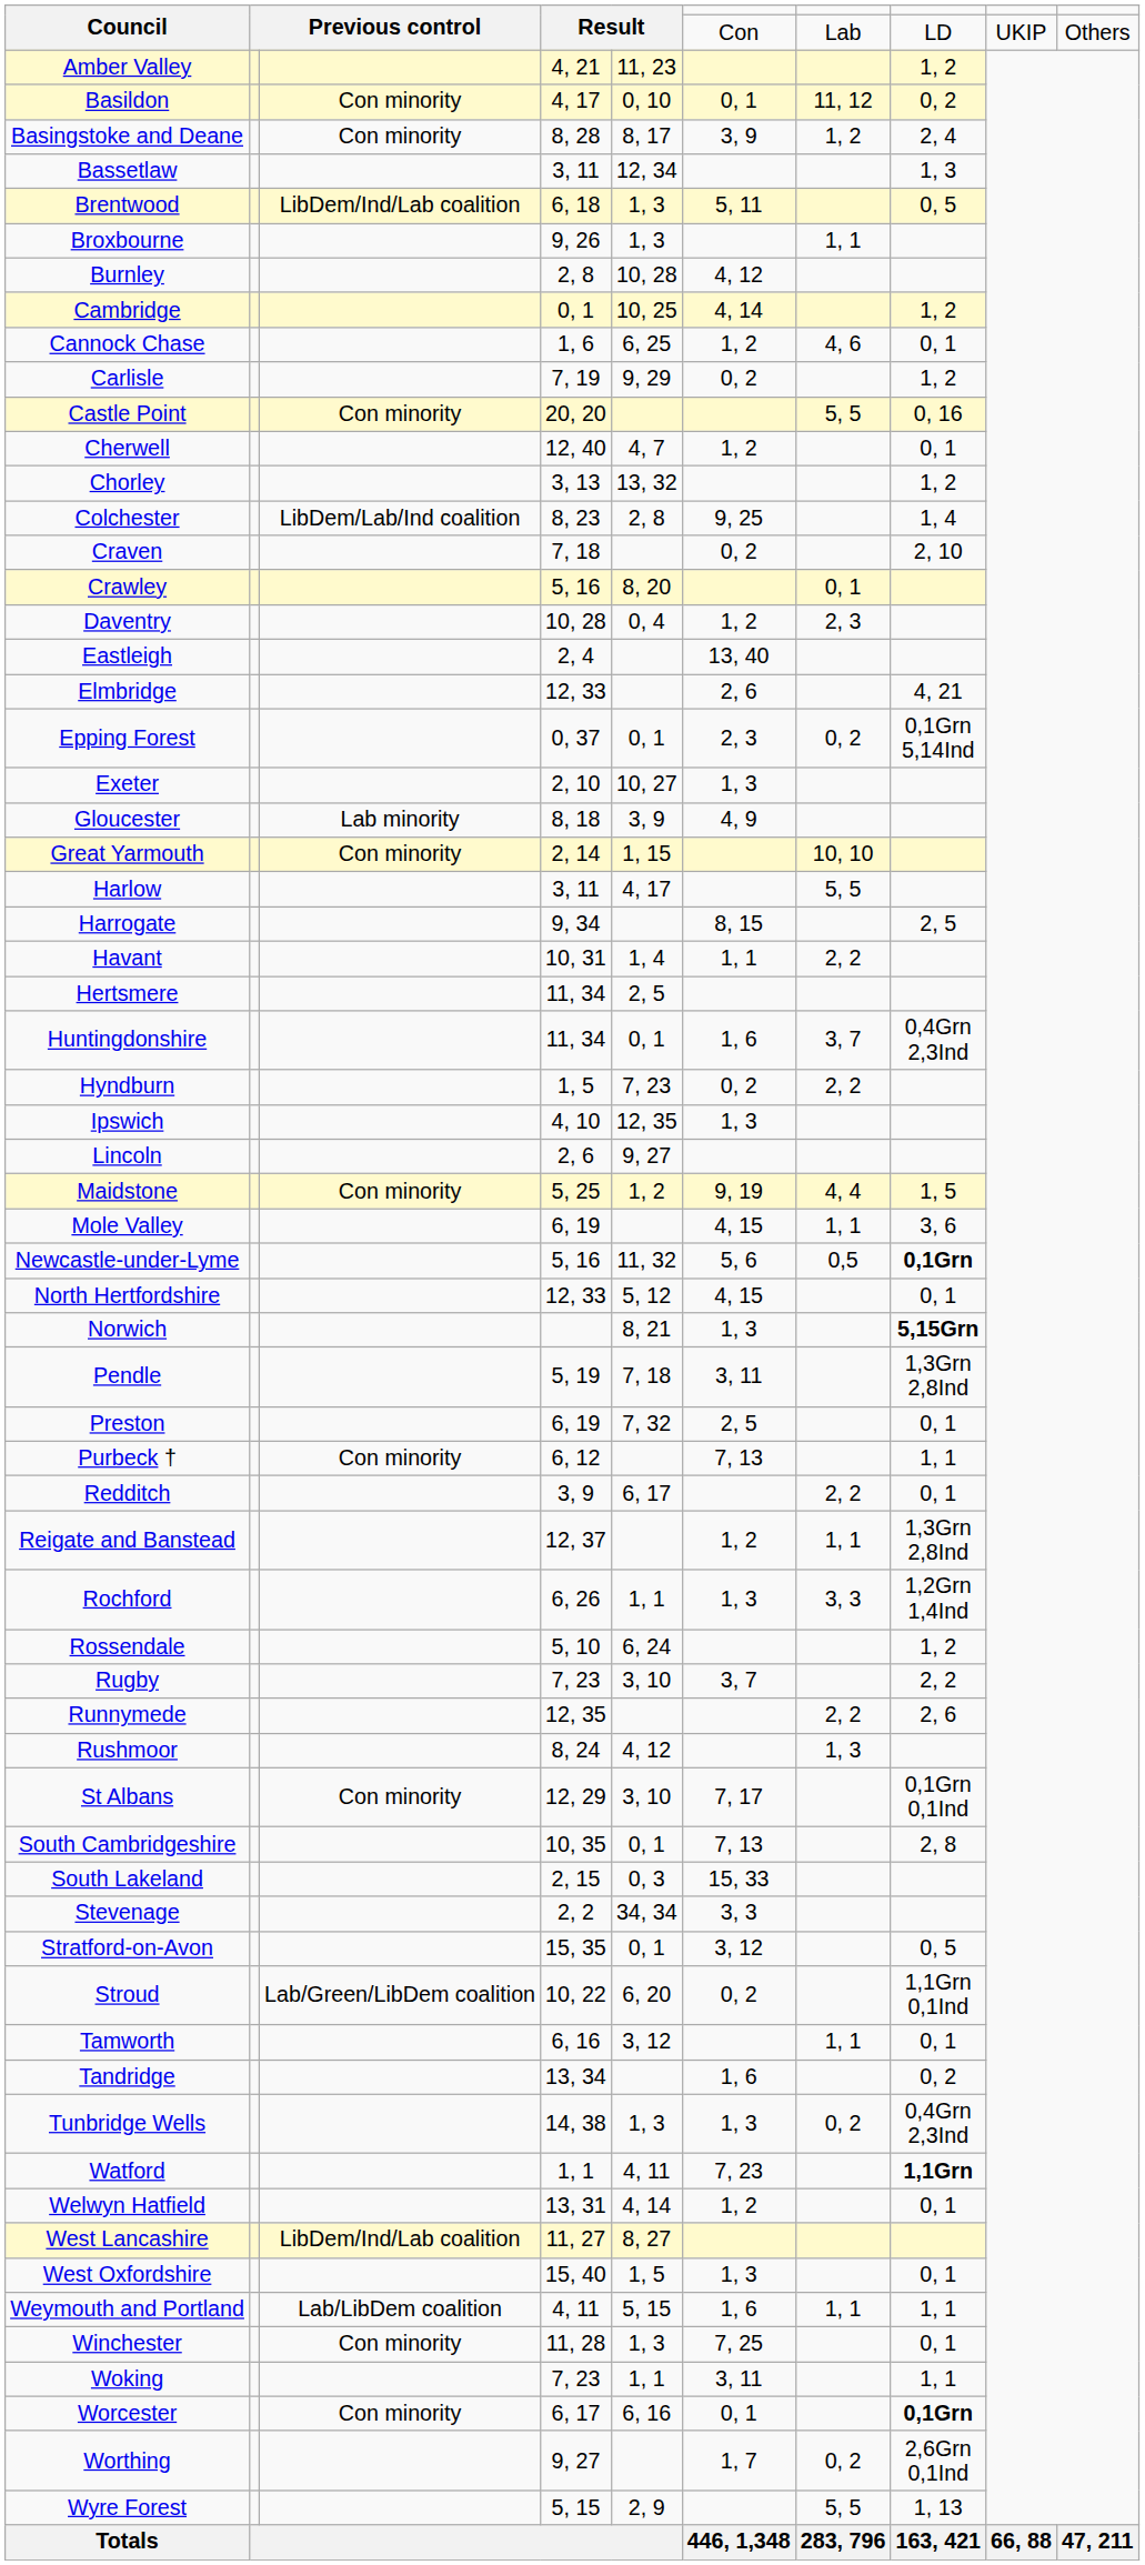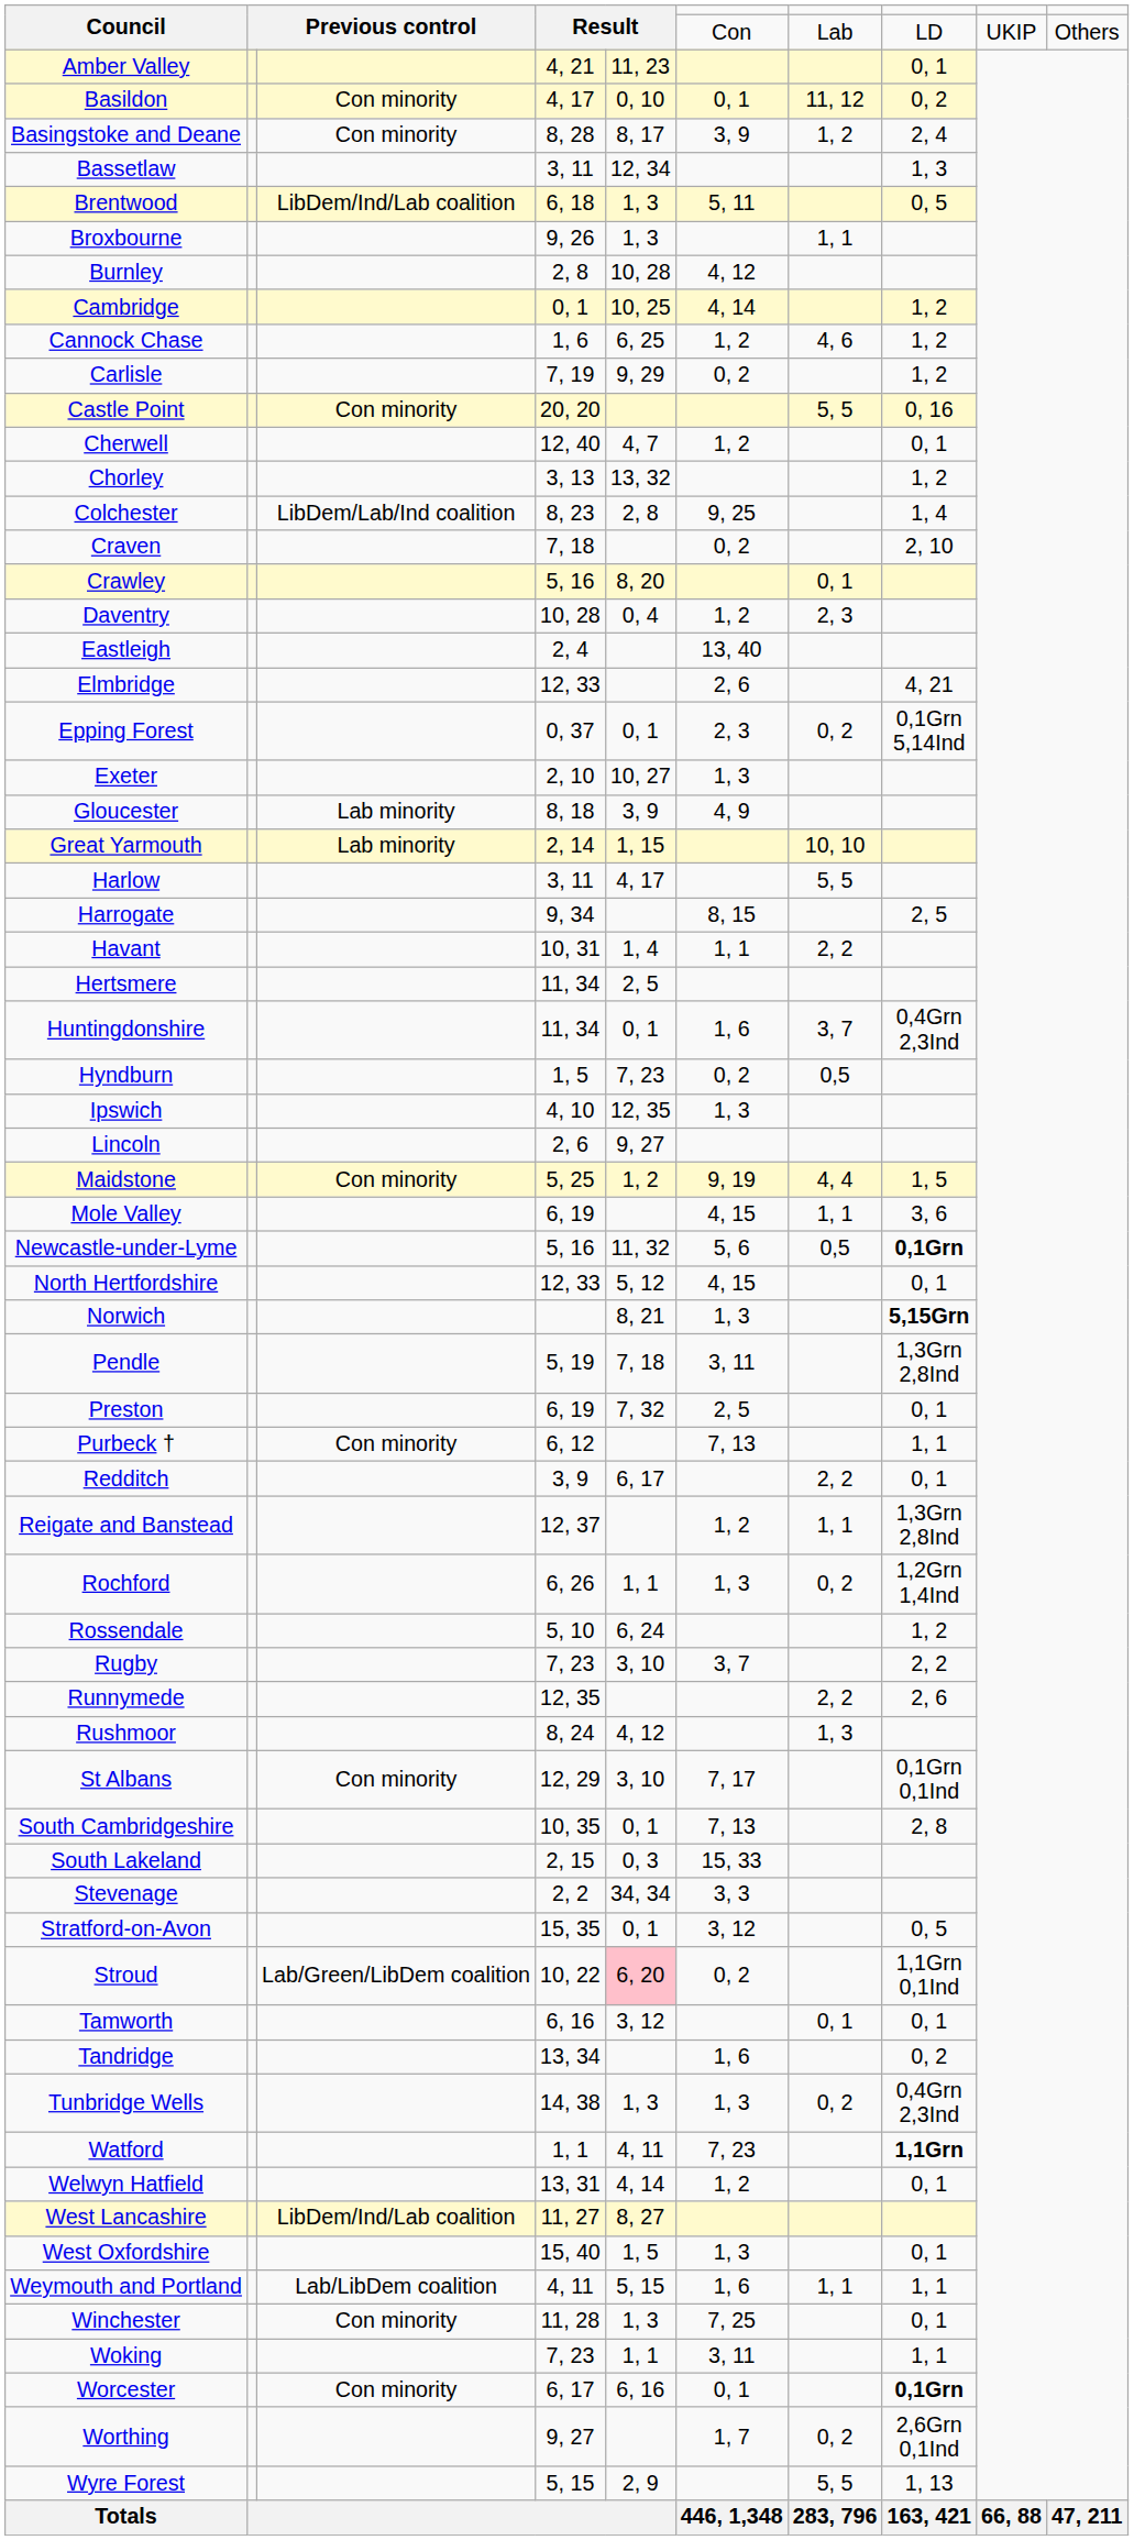 <table class="wikitable sortable" style="text-align:center">
 <tr>
 <th rowspan="2">Council</th>
 <th colspan="2" rowspan="2">Previous control</th>
 <th colspan="2" rowspan="2">Result</th>
 <td></td>
 <td></td>
 <td></td>
 <td></td>
 <td></td>
 </tr>
 <tr>
 <td>Con</td>
 <td>Lab</td>
 <td>LD</td>
 <td>UKIP</td>
 <td>Others</td>
 </tr>
 <tr style="background:lemonchiffon">
 <td><a href='#'>Amber Valley</a></td>
 <td></td>
 <td></td>
 <td>4, 21</td>
 <td>11, 23</td>
 <td></td>
 <td></td>
-<td>1, 2</td>
+<td>0, 1</td>
 </tr>
 <tr style="background:lemonchiffon">
 <td><a href='#'>Basildon</a></td>
 <td></td>
 <td> Con minority</td>
 <td>4, 17</td>
 <td>0, 10</td>
 <td>0, 1</td>
 <td>11, 12</td>
 <td>0, 2</td>
 </tr>
 <tr>
 <td><a href='#'>Basingstoke and Deane</a></td>
 <td></td>
 <td> Con minority</td>
 <td>8, 28</td>
 <td>8, 17</td>
 <td>3, 9</td>
 <td>1, 2</td>
 <td>2, 4</td>
 </tr>
 <tr>
 <td><a href='#'>Bassetlaw</a></td>
 <td></td>
 <td></td>
 <td>3, 11</td>
 <td>12, 34</td>
 <td></td>
 <td></td>
 <td>1, 3</td>
 </tr>
 <tr style="background:lemonchiffon">
 <td><a href='#'>Brentwood</a></td>
 <td></td>
 <td> LibDem/Ind/Lab coalition</td>
 <td>6, 18</td>
 <td>1, 3</td>
 <td>5, 11</td>
 <td></td>
 <td>0, 5</td>
 </tr>
 <tr>
 <td><a href='#'>Broxbourne</a></td>
 <td></td>
 <td></td>
 <td>9, 26</td>
 <td>1, 3</td>
 <td></td>
 <td>1, 1</td>
 <td></td>
 </tr>
 <tr>
 <td><a href='#'>Burnley</a></td>
 <td></td>
 <td></td>
 <td>2, 8</td>
 <td>10, 28</td>
 <td>4, 12</td>
 <td></td>
 <td></td>
 </tr>
 <tr style="background:lemonchiffon">
 <td><a href='#'>Cambridge</a></td>
 <td></td>
 <td></td>
 <td>0, 1</td>
 <td>10, 25</td>
 <td>4, 14</td>
 <td></td>
 <td>1, 2</td>
 </tr>
 <tr>
 <td><a href='#'>Cannock Chase</a></td>
 <td></td>
 <td></td>
 <td>1, 6</td>
 <td>6, 25</td>
 <td>1, 2</td>
 <td>4, 6</td>
-<td>0, 1</td>
+<td>1, 2</td>
 </tr>
 <tr>
 <td><a href='#'>Carlisle</a></td>
 <td></td>
 <td></td>
 <td>7, 19</td>
 <td>9, 29</td>
 <td>0, 2</td>
 <td></td>
 <td>1, 2</td>
 </tr>
 <tr style="background:lemonchiffon">
 <td><a href='#'>Castle Point</a></td>
 <td></td>
 <td> Con minority</td>
 <td>20, 20</td>
 <td></td>
 <td></td>
 <td>5, 5</td>
 <td>0, 16</td>
 </tr>
 <tr>
 <td><a href='#'>Cherwell</a></td>
 <td></td>
 <td></td>
 <td>12, 40</td>
 <td>4, 7</td>
 <td>1, 2</td>
 <td></td>
 <td>0, 1</td>
 </tr>
 <tr>
 <td><a href='#'>Chorley</a></td>
 <td></td>
 <td></td>
 <td>3, 13</td>
 <td>13, 32</td>
 <td></td>
 <td></td>
 <td>1, 2</td>
 </tr>
 <tr>
 <td><a href='#'>Colchester</a></td>
 <td></td>
 <td> LibDem/Lab/Ind coalition</td>
 <td>8, 23</td>
 <td>2, 8</td>
 <td>9, 25</td>
 <td></td>
 <td>1, 4</td>
 </tr>
 <tr>
 <td><a href='#'>Craven</a></td>
 <td></td>
 <td></td>
 <td>7, 18</td>
 <td></td>
 <td>0, 2</td>
 <td></td>
 <td>2, 10</td>
 </tr>
 <tr style="background:lemonchiffon">
 <td><a href='#'>Crawley</a></td>
 <td></td>
 <td></td>
 <td>5, 16</td>
 <td>8, 20</td>
 <td></td>
 <td>0, 1</td>
 <td></td>
 </tr>
 <tr>
 <td><a href='#'>Daventry</a></td>
 <td></td>
 <td></td>
 <td>10, 28</td>
 <td>0, 4</td>
 <td>1, 2</td>
 <td>2, 3</td>
 <td></td>
 </tr>
 <tr>
 <td><a href='#'>Eastleigh</a></td>
 <td></td>
 <td></td>
 <td>2, 4</td>
 <td></td>
 <td>13, 40</td>
 <td></td>
 <td></td>
 </tr>
 <tr>
 <td><a href='#'>Elmbridge</a></td>
 <td></td>
 <td></td>
 <td>12, 33</td>
 <td></td>
 <td>2, 6</td>
 <td></td>
 <td>4, 21</td>
 </tr>
 <tr>
 <td><a href='#'>Epping Forest</a></td>
 <td></td>
 <td></td>
 <td>0, 37</td>
 <td>0, 1</td>
 <td>2, 3</td>
 <td>0, 2</td>
 <td>0,1Grn<br>5,14Ind</td>
 </tr>
 <tr>
 <td><a href='#'>Exeter</a></td>
 <td></td>
 <td></td>
 <td>2, 10</td>
 <td>10, 27</td>
 <td>1, 3</td>
 <td></td>
 <td></td>
 </tr>
 <tr>
 <td><a href='#'>Gloucester</a></td>
 <td></td>
 <td> Lab minority</td>
 <td>8, 18</td>
 <td>3, 9</td>
 <td>4, 9</td>
 <td></td>
 <td></td>
 </tr>
 <tr style="background:lemonchiffon">
 <td><a href='#'>Great Yarmouth</a></td>
 <td></td>
-<td> Con minority</td>
+<td> Lab minority</td>
 <td>2, 14</td>
 <td>1, 15</td>
 <td></td>
 <td>10, 10</td>
 <td></td>
 </tr>
 <tr>
 <td><a href='#'>Harlow</a></td>
 <td></td>
 <td></td>
 <td>3, 11</td>
 <td>4, 17</td>
 <td></td>
 <td>5, 5</td>
 <td></td>
 </tr>
 <tr>
 <td><a href='#'>Harrogate</a></td>
 <td></td>
 <td></td>
 <td>9, 34</td>
 <td></td>
 <td>8, 15</td>
 <td></td>
 <td>2, 5</td>
 </tr>
 <tr>
 <td><a href='#'>Havant</a></td>
 <td></td>
 <td></td>
 <td>10, 31</td>
 <td>1, 4</td>
 <td>1, 1</td>
 <td>2, 2</td>
 <td></td>
 </tr>
 <tr>
 <td><a href='#'>Hertsmere</a></td>
 <td></td>
 <td></td>
 <td>11, 34</td>
 <td>2, 5</td>
 <td></td>
 <td></td>
 <td></td>
 </tr>
 <tr>
 <td><a href='#'>Huntingdonshire</a></td>
 <td></td>
 <td></td>
 <td>11, 34</td>
 <td>0, 1</td>
 <td>1, 6</td>
 <td>3, 7</td>
 <td>0,4Grn<br>2,3Ind</td>
 </tr>
 <tr>
 <td><a href='#'>Hyndburn</a></td>
 <td></td>
 <td></td>
 <td>1, 5</td>
 <td>7, 23</td>
 <td>0, 2</td>
-<td>2, 2</td>
+<td>0,5</td>
 <td></td>
 </tr>
 <tr>
 <td><a href='#'>Ipswich</a></td>
 <td></td>
 <td></td>
 <td>4, 10</td>
 <td>12, 35</td>
 <td>1, 3</td>
 <td></td>
 <td></td>
 </tr>
 <tr>
 <td><a href='#'>Lincoln</a></td>
 <td></td>
 <td></td>
 <td>2, 6</td>
 <td>9, 27</td>
 <td></td>
 <td></td>
 <td></td>
 </tr>
 <tr style="background:lemonchiffon">
 <td><a href='#'>Maidstone</a></td>
 <td></td>
 <td> Con minority</td>
 <td>5, 25</td>
 <td>1, 2</td>
 <td>9, 19</td>
 <td>4, 4</td>
 <td>1, 5</td>
 </tr>
 <tr>
 <td><a href='#'>Mole Valley</a></td>
 <td></td>
 <td></td>
 <td>6, 19</td>
 <td></td>
 <td>4, 15</td>
 <td>1, 1</td>
 <td>3, 6</td>
 </tr>
 <tr>
 <td><a href='#'>Newcastle-under-Lyme</a></td>
 <td></td>
 <td></td>
 <td>5, 16</td>
 <td>11, 32</td>
 <td>5, 6</td>
 <td>0,5</td>
 <td style="background:"><strong>0,1Grn</strong></td>
 </tr>
 <tr>
 <td><a href='#'>North Hertfordshire</a></td>
 <td></td>
 <td></td>
 <td>12, 33</td>
 <td>5, 12</td>
 <td>4, 15</td>
 <td></td>
 <td>0, 1</td>
 </tr>
 <tr>
 <td><a href='#'>Norwich</a></td>
 <td></td>
 <td></td>
 <td></td>
 <td>8, 21</td>
 <td>1, 3</td>
 <td></td>
 <td style="background:"><strong>5,15Grn</strong></td>
 </tr>
 <tr>
 <td><a href='#'>Pendle</a></td>
 <td></td>
 <td></td>
 <td>5, 19</td>
 <td>7, 18</td>
 <td>3, 11</td>
 <td></td>
 <td>1,3Grn<br>2,8Ind</td>
 </tr>
 <tr>
 <td><a href='#'>Preston</a></td>
 <td></td>
 <td></td>
 <td>6, 19</td>
 <td>7, 32</td>
 <td>2, 5</td>
 <td></td>
 <td>0, 1</td>
 </tr>
 <tr>
 <td><a href='#'>Purbeck</a> †</td>
 <td></td>
 <td> Con minority</td>
 <td>6, 12</td>
 <td></td>
 <td>7, 13</td>
 <td></td>
 <td>1, 1</td>
 </tr>
 <tr>
 <td><a href='#'>Redditch</a></td>
 <td></td>
 <td></td>
 <td>3, 9</td>
 <td>6, 17</td>
 <td></td>
 <td>2, 2</td>
 <td>0, 1</td>
 </tr>
 <tr>
 <td><a href='#'>Reigate and Banstead</a></td>
 <td></td>
 <td></td>
 <td>12, 37</td>
 <td></td>
 <td>1, 2</td>
 <td>1, 1</td>
 <td>1,3Grn<br>2,8Ind</td>
 </tr>
 <tr>
 <td><a href='#'>Rochford</a></td>
 <td></td>
 <td></td>
 <td>6, 26</td>
 <td>1, 1</td>
 <td>1, 3</td>
-<td>3, 3</td>
+<td>0, 2</td>
 <td>1,2Grn<br>1,4Ind</td>
 </tr>
 <tr>
 <td><a href='#'>Rossendale</a></td>
 <td></td>
 <td></td>
 <td>5, 10</td>
 <td>6, 24</td>
 <td></td>
 <td></td>
 <td>1, 2</td>
 </tr>
 <tr>
 <td><a href='#'>Rugby</a></td>
 <td></td>
 <td></td>
 <td>7, 23</td>
 <td>3, 10</td>
 <td>3, 7</td>
 <td></td>
 <td>2, 2</td>
 </tr>
 <tr>
 <td><a href='#'>Runnymede</a></td>
 <td></td>
 <td></td>
 <td>12, 35</td>
 <td></td>
 <td></td>
 <td>2, 2</td>
 <td>2, 6</td>
 </tr>
 <tr>
 <td><a href='#'>Rushmoor</a></td>
 <td></td>
 <td></td>
 <td>8, 24</td>
 <td>4, 12</td>
 <td></td>
 <td>1, 3</td>
 <td></td>
 </tr>
 <tr>
 <td><a href='#'>St Albans</a></td>
 <td></td>
 <td> Con minority</td>
 <td>12, 29</td>
 <td>3, 10</td>
 <td>7, 17</td>
 <td></td>
 <td>0,1Grn<br>0,1Ind</td>
 </tr>
 <tr>
 <td><a href='#'>South Cambridgeshire</a></td>
 <td></td>
 <td></td>
 <td>10, 35</td>
 <td>0, 1</td>
 <td>7, 13</td>
 <td></td>
 <td>2, 8</td>
 </tr>
 <tr>
 <td><a href='#'>South Lakeland</a></td>
 <td></td>
 <td></td>
 <td>2, 15</td>
 <td>0, 3</td>
 <td>15, 33</td>
 <td></td>
 <td></td>
 </tr>
 <tr>
 <td><a href='#'>Stevenage</a></td>
 <td></td>
 <td></td>
 <td>2, 2</td>
 <td>34, 34</td>
 <td>3, 3</td>
 <td></td>
 <td></td>
 </tr>
 <tr>
 <td><a href='#'>Stratford-on-Avon</a></td>
 <td></td>
 <td></td>
 <td>15, 35</td>
 <td>0, 1</td>
 <td>3, 12</td>
 <td></td>
 <td>0, 5</td>
 </tr>
 <tr>
 <td><a href='#'>Stroud</a></td>
 <td></td>
 <td> Lab/Green/LibDem coalition</td>
 <td>10, 22</td>
-<td>6, 20</td>
+<td style="background: pink;">6, 20</td>
 <td>0, 2</td>
 <td></td>
 <td>1,1Grn<br>0,1Ind</td>
 </tr>
 <tr>
 <td><a href='#'>Tamworth</a></td>
 <td></td>
 <td></td>
 <td>6, 16</td>
 <td>3, 12</td>
 <td></td>
-<td>1, 1</td>
+<td>0, 1</td>
 <td>0, 1</td>
 </tr>
 <tr>
 <td><a href='#'>Tandridge</a></td>
 <td></td>
 <td></td>
 <td>13, 34</td>
 <td></td>
 <td>1, 6</td>
 <td></td>
 <td>0, 2</td>
 </tr>
 <tr>
 <td><a href='#'>Tunbridge Wells</a></td>
 <td></td>
 <td></td>
 <td>14, 38</td>
 <td>1, 3</td>
 <td>1, 3</td>
 <td>0, 2</td>
 <td>0,4Grn<br>2,3Ind</td>
 </tr>
 <tr>
 <td><a href='#'>Watford</a></td>
 <td></td>
 <td></td>
 <td>1, 1</td>
 <td>4, 11</td>
 <td>7, 23</td>
 <td></td>
 <td style="background:"><strong>1,1Grn</strong></td>
 </tr>
 <tr>
 <td><a href='#'>Welwyn Hatfield</a></td>
 <td></td>
 <td></td>
 <td>13, 31</td>
 <td>4, 14</td>
 <td>1, 2</td>
 <td></td>
 <td>0, 1</td>
 </tr>
 <tr style="background:lemonchiffon">
 <td><a href='#'>West Lancashire</a></td>
 <td></td>
 <td> LibDem/Ind/Lab coalition</td>
 <td>11, 27</td>
 <td>8, 27</td>
 <td></td>
 <td></td>
 <td></td>
 </tr>
 <tr>
 <td><a href='#'>West Oxfordshire</a></td>
 <td></td>
 <td></td>
 <td>15, 40</td>
 <td>1, 5</td>
 <td>1, 3</td>
 <td></td>
 <td>0, 1</td>
 </tr>
 <tr>
 <td><a href='#'>Weymouth and Portland</a></td>
 <td></td>
 <td> Lab/LibDem coalition</td>
 <td>4, 11</td>
 <td>5, 15</td>
 <td>1, 6</td>
 <td>1, 1</td>
 <td>1, 1</td>
 </tr>
 <tr>
 <td><a href='#'>Winchester</a></td>
 <td></td>
 <td> Con minority</td>
 <td>11, 28</td>
 <td>1, 3</td>
 <td>7, 25</td>
 <td></td>
 <td>0, 1</td>
 </tr>
 <tr>
 <td><a href='#'>Woking</a></td>
 <td></td>
 <td></td>
 <td>7, 23</td>
 <td>1, 1</td>
 <td>3, 11</td>
 <td></td>
 <td>1, 1</td>
 </tr>
 <tr>
 <td><a href='#'>Worcester</a></td>
 <td></td>
 <td> Con minority</td>
 <td>6, 17</td>
 <td>6, 16</td>
 <td>0, 1</td>
 <td></td>
 <td style="background:"><strong>0,1Grn</strong></td>
 </tr>
 <tr>
 <td><a href='#'>Worthing</a></td>
 <td></td>
 <td></td>
 <td>9, 27</td>
 <td></td>
 <td>1, 7</td>
 <td>0, 2</td>
 <td>2,6Grn<br>0,1Ind</td>
 </tr>
 <tr>
 <td><a href='#'>Wyre Forest</a></td>
 <td></td>
 <td></td>
 <td>5, 15</td>
 <td>2, 9</td>
 <td></td>
 <td>5, 5</td>
 <td>1, 13</td>
 </tr>
 <tr>
 <th>Totals</th>
 <th colspan=4></th>
 <th>446, 1,348</th>
 <th>283, 796</th>
 <th>163, 421</th>
 <th>66, 88</th>
 <th>47, 211</th>
 </tr>
 </table>
